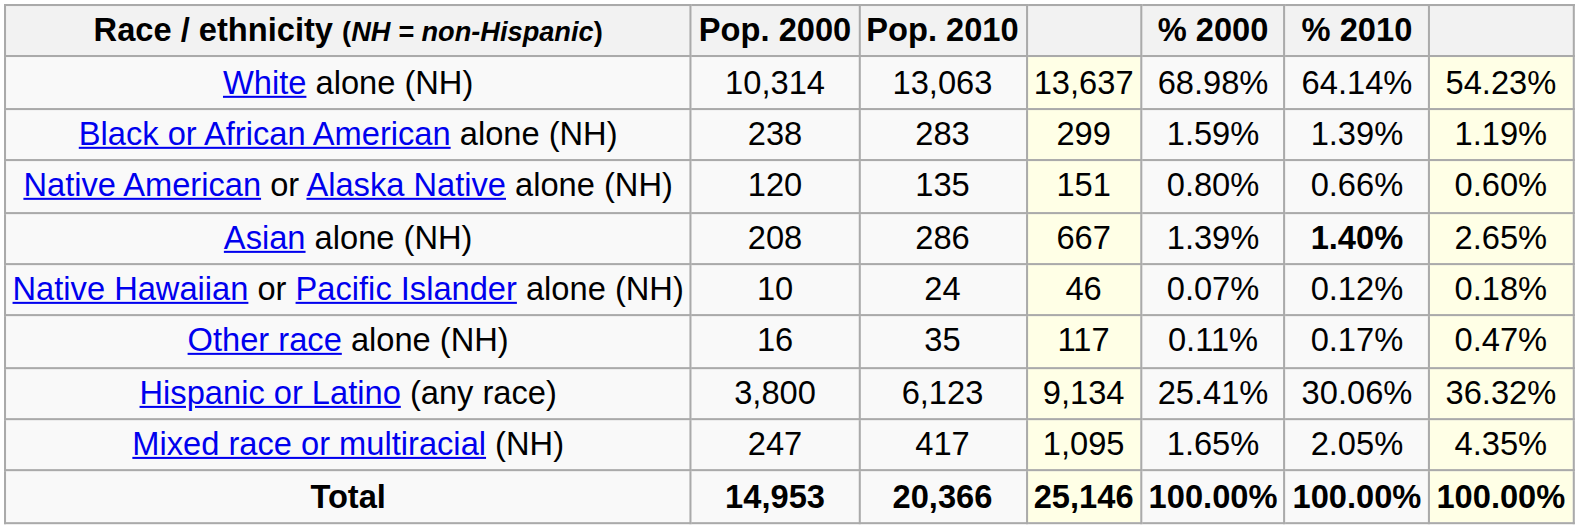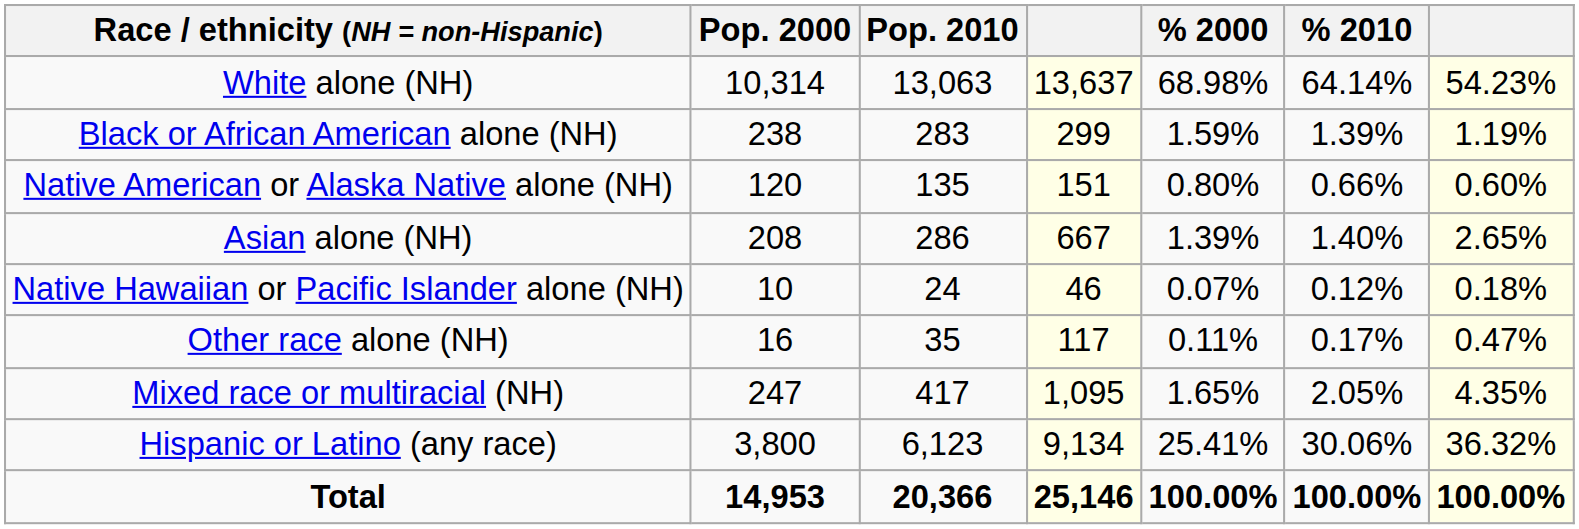 <table class="wikitable" style="text-align:center;">
 <tr>
 <th>Race / ethnicity <small>(<em>NH = non-Hispanic</em>)</small></th>
 <th>Pop. 2000</th>
 <th>Pop. 2010</th>
 <th></th>
 <th>% 2000</th>
 <th>% 2010</th>
 <th></th>
 </tr>
 <tr>
 <td><a href='#'>White</a> alone (NH)</td>
 <td>10,314</td>
 <td>13,063</td>
 <td style='background: #ffffe6;'>13,637</td>
 <td>68.98%</td>
 <td>64.14%</td>
 <td style='background: #ffffe6;'>54.23%</td>
 </tr>
 <tr>
 <td><a href='#'>Black or African American</a> alone (NH)</td>
 <td>238</td>
 <td>283</td>
 <td style='background: #ffffe6;'>299</td>
 <td>1.59%</td>
 <td>1.39%</td>
 <td style='background: #ffffe6;'>1.19%</td>
 </tr>
 <tr>
 <td><a href='#'>Native American</a> or <a href='#'>Alaska Native</a> alone (NH)</td>
 <td>120</td>
 <td>135</td>
 <td style='background: #ffffe6;'>151</td>
 <td>0.80%</td>
 <td>0.66%</td>
 <td style='background: #ffffe6;'>0.60%</td>
 </tr>
 <tr>
 <td><a href='#'>Asian</a> alone (NH)</td>
 <td>208</td>
 <td>286</td>
 <td style='background: #ffffe6;'>667</td>
 <td>1.39%</td>
-<td><strong>1.40%</strong></td>
+<td>1.40%</td>
 <td style='background: #ffffe6;'>2.65%</td>
 </tr>
 <tr>
 <td><a href='#'>Native Hawaiian</a> or <a href='#'>Pacific Islander</a> alone (NH)</td>
 <td>10</td>
 <td>24</td>
 <td style='background: #ffffe6;'>46</td>
 <td>0.07%</td>
 <td>0.12%</td>
 <td style='background: #ffffe6;'>0.18%</td>
 </tr>
 <tr>
 <td><a href='#'>Other race</a> alone (NH)</td>
 <td>16</td>
 <td>35</td>
 <td style='background: #ffffe6;'>117</td>
 <td>0.11%</td>
 <td>0.17%</td>
 <td style='background: #ffffe6;'>0.47%</td>
 </tr>
 <tr>
+<td><a href='#'>Mixed race or multiracial</a> (NH)</td>
+<td>247</td>
+<td>417</td>
+<td style='background: #ffffe6;'>1,095</td>
+<td>1.65%</td>
+<td>2.05%</td>
+<td style='background: #ffffe6;'>4.35%</td>
+</tr>
+<tr>
 <td><a href='#'>Hispanic or Latino</a> (any race)</td>
 <td>3,800</td>
 <td>6,123</td>
 <td style='background: #ffffe6;'>9,134</td>
 <td>25.41%</td>
 <td>30.06%</td>
 <td style='background: #ffffe6;'>36.32%</td>
-</tr>
-<tr>
-<td><a href='#'>Mixed race or multiracial</a> (NH)</td>
-<td>247</td>
-<td>417</td>
-<td style='background: #ffffe6;'>1,095</td>
-<td>1.65%</td>
-<td>2.05%</td>
-<td style='background: #ffffe6;'>4.35%</td>
 </tr>
 <tr>
 <td><strong>Total</strong></td>
 <td><strong>14,953</strong></td>
 <td><strong>20,366</strong></td>
 <td style='background: #ffffe6;'><strong>25,146</strong></td>
 <td><strong>100.00%</strong></td>
 <td><strong>100.00%</strong></td>
 <td style='background: #ffffe6;'><strong>100.00%</strong></td>
 </tr>
 </table>
